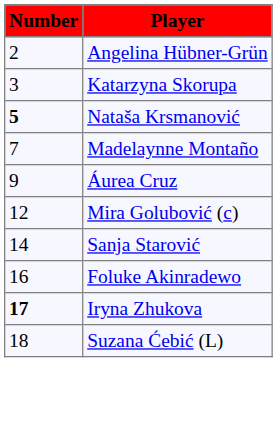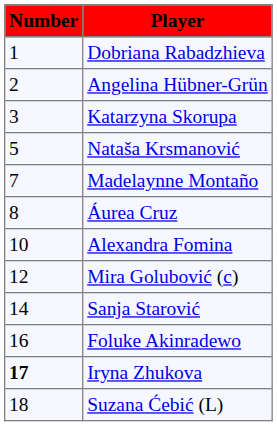 <table bgcolor="#f7f8ff" cellpadding="3" cellspacing="0" border="1" style="font-size: 95%; border: gray solid 1px; border-collapse: collapse;">
 <tr bgcolor="#ff0000">
 <td align=center><strong>Number</strong></td>
 <td align=center><strong>Player</strong></td>
+</tr>
+<tr align="left">
+<td>1</td>
+<td> <a href='#'>Dobriana Rabadzhieva</a></td>
 </tr>
 <tr align=left>
 <td>2</td>
 <td> <a href='#'>Angelina Hübner-Grün</a></td>
 </tr>
 <tr align="left">
 <td>3</td>
 <td> <a href='#'>Katarzyna Skorupa</a></td>
 </tr>
 <tr align="left">
-<td><strong>5</strong></td>
+<td>5</td>
 <td> <a href='#'>Nataša Krsmanović</a></td>
 </tr>
 <tr align="left">
 <td>7</td>
 <td> <a href='#'>Madelaynne Montaño</a></td>
 </tr>
 <tr align="left">
-<td>9</td>
+<td>8</td>
 <td> <a href='#'>Áurea Cruz</a></td>
+</tr>
+<tr align="left">
+<td>10</td>
+<td> <a href='#'>Alexandra Fomina</a></td>
 </tr>
 <tr align="left">
 <td>12</td>
 <td> <a href='#'>Mira Golubović</a> (<a href='#'>c</a>)</td>
 </tr>
 <tr align="left">
 <td>14</td>
 <td> <a href='#'>Sanja Starović</a></td>
 </tr>
 <tr align="left">
 <td>16</td>
 <td> <a href='#'>Foluke Akinradewo</a></td>
 </tr>
 <tr align="left">
 <td><strong>17</strong></td>
 <td> <a href='#'>Iryna Zhukova</a></td>
 </tr>
 <tr align="left">
 <td>18</td>
 <td> <a href='#'>Suzana Ćebić</a> (L)</td>
 </tr>
 </table>
